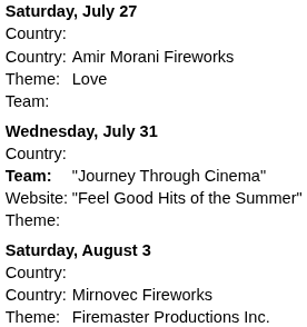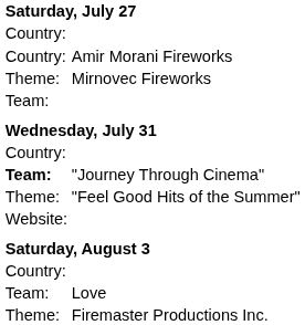 <table border="0">
 <tr>
 <td colspan="2"><strong>Saturday, July 27</strong></td>
 </tr>
 <tr>
 <td>Country:</td>
 <td></td>
 </tr>
 <tr>
 <td>Country:</td>
 <td>Amir Morani Fireworks</td>
 </tr>
 <tr>
 <td>Theme:</td>
-<td>Love</td>
+<td>Mirnovec Fireworks</td>
 </tr>
 <tr>
 <td>Team:</td>
 <td></td>
 </tr>
 <tr>
 <td colspan="2"></td>
 </tr>
 <tr>
 <td></td>
 </tr>
 <tr>
 <td colspan="2"><strong>Wednesday, July 31</strong></td>
 </tr>
 <tr>
 <td>Country:</td>
 <td></td>
 </tr>
 <tr>
 <td><strong>Team:</strong></td>
 <td>"Journey Through Cinema"</td>
 </tr>
 <tr>
-<td>Website:</td>
+<td>Theme:</td>
 <td>"Feel Good Hits of the Summer"</td>
 </tr>
 <tr>
-<td>Theme:</td>
+<td>Website:</td>
 <td></td>
 </tr>
 <tr>
 <td colspan="2"></td>
 </tr>
 <tr>
 <td></td>
 </tr>
 <tr>
 <td colspan="2"><strong>Saturday, August 3</strong></td>
 </tr>
 <tr>
 <td>Country:</td>
 <td></td>
 </tr>
 <tr>
-<td>Country:</td>
-<td>Mirnovec Fireworks</td>
+<td>Team:</td>
+<td>Love</td>
 </tr>
 <tr>
 <td>Theme:</td>
 <td>Firemaster Productions Inc.</td>
 </tr>
 <tr>
 <td></td>
 </tr>
 <tr>
 <td colspan="2"></td>
 </tr>
 </table>
